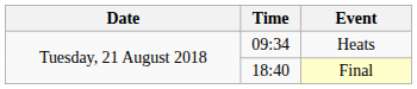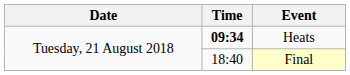 <table class = "wikitable" style="text-align:center;">
 <tr>
 <th width=220>Date</th>
 <th width=50>Time</th>
 <th width=100>Event</th>
 </tr>
 <tr>
 <td rowspan=2>Tuesday, 21 August 2018</td>
-<td>09:34</td>
+<td><strong>09:34</strong></td>
 <td>Heats</td>
 </tr>
 <tr>
 <td>18:40</td>
 <td bgcolor=ffffcc>Final</td>
 </tr>
 </table>
